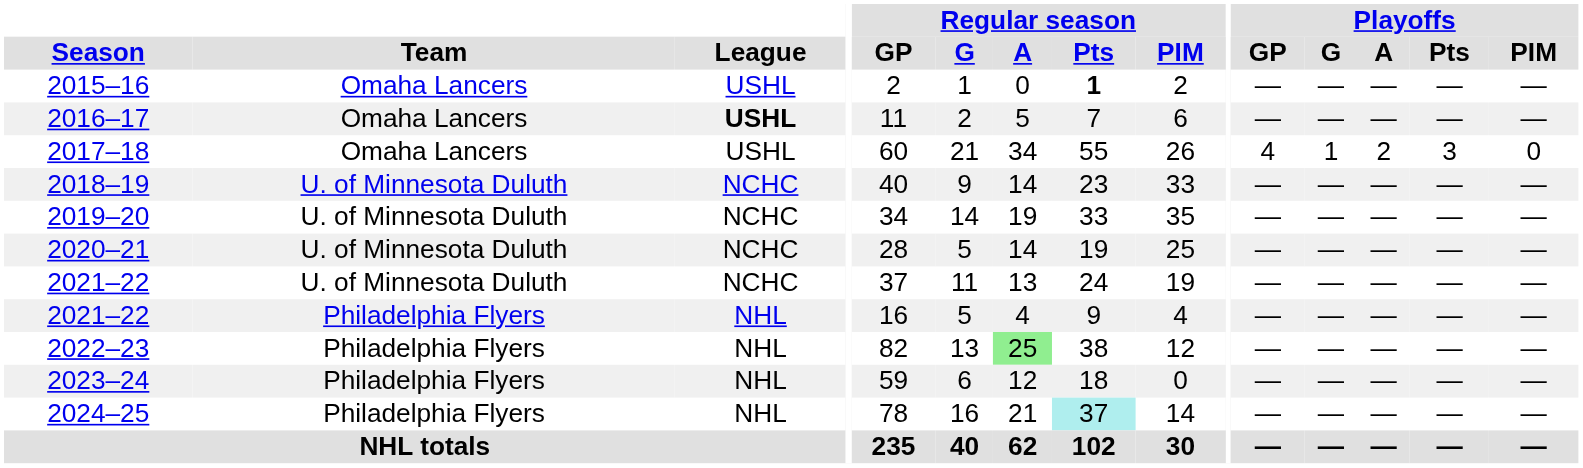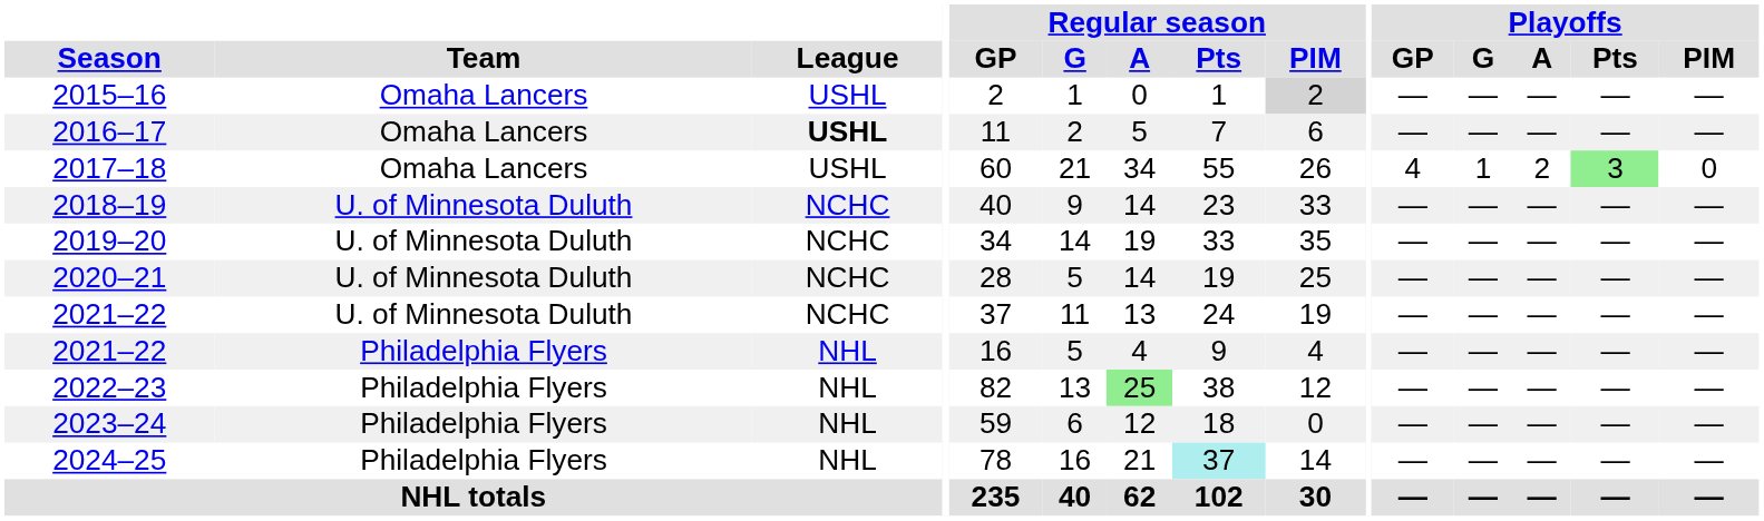 <table border="0" cellpadding="1" cellspacing="0" style="text-align:center; width:60em">
 <tr bgcolor="#e0e0e0">
 <th colspan="3" bgcolor="#ffffff"></th>
 <th rowspan="100" bgcolor="#ffffff"></th>
 <th colspan="5"><a href='#'>Regular season</a></th>
 <th rowspan="100" bgcolor="#ffffff"></th>
 <th colspan="5"><a href='#'>Playoffs</a></th>
 </tr>
 <tr bgcolor="#e0e0e0">
 <th><a href='#'>Season</a></th>
 <th>Team</th>
 <th>League</th>
 <th>GP</th>
 <th><a href='#'>G</a></th>
 <th><a href='#'>A</a></th>
 <th><a href='#'>Pts</a></th>
 <th><a href='#'>PIM</a></th>
 <th>GP</th>
 <th>G</th>
 <th>A</th>
 <th>Pts</th>
 <th>PIM</th>
 </tr>
 <tr>
 <td><a href='#'>2015–16</a></td>
 <td><a href='#'>Omaha Lancers</a></td>
 <td><a href='#'>USHL</a></td>
 <td>2</td>
 <td>1</td>
 <td>0</td>
-<td><strong>1</strong></td>
-<td>2</td>
+<td>1</td>
+<td style="background: lightgrey;">2</td>
 <td>—</td>
 <td>—</td>
 <td>—</td>
 <td>—</td>
 <td>—</td>
 </tr>
 <tr bgcolor="#f0f0f0">
 <td><a href='#'>2016–17</a></td>
 <td>Omaha Lancers</td>
 <td><strong>USHL</strong></td>
 <td>11</td>
 <td>2</td>
 <td>5</td>
 <td>7</td>
 <td>6</td>
 <td>—</td>
 <td>—</td>
 <td>—</td>
 <td>—</td>
 <td>—</td>
 </tr>
 <tr>
 <td><a href='#'>2017–18</a></td>
 <td>Omaha Lancers</td>
 <td>USHL</td>
 <td>60</td>
 <td>21</td>
 <td>34</td>
 <td>55</td>
 <td>26</td>
 <td>4</td>
 <td>1</td>
 <td>2</td>
-<td>3</td>
+<td style="background: lightgreen;">3</td>
 <td>0</td>
 </tr>
 <tr bgcolor="#f0f0f0">
 <td><a href='#'>2018–19</a></td>
 <td><a href='#'>U. of Minnesota Duluth</a></td>
 <td><a href='#'>NCHC</a></td>
 <td>40</td>
 <td>9</td>
 <td>14</td>
 <td>23</td>
 <td>33</td>
 <td>—</td>
 <td>—</td>
 <td>—</td>
 <td>—</td>
 <td>—</td>
 </tr>
 <tr>
 <td><a href='#'>2019–20</a></td>
 <td>U. of Minnesota Duluth</td>
 <td>NCHC</td>
 <td>34</td>
 <td>14</td>
 <td>19</td>
 <td>33</td>
 <td>35</td>
 <td>—</td>
 <td>—</td>
 <td>—</td>
 <td>—</td>
 <td>—</td>
 </tr>
 <tr bgcolor="#f0f0f0">
 <td><a href='#'>2020–21</a></td>
 <td>U. of Minnesota Duluth</td>
 <td>NCHC</td>
 <td>28</td>
 <td>5</td>
 <td>14</td>
 <td>19</td>
 <td>25</td>
 <td>—</td>
 <td>—</td>
 <td>—</td>
 <td>—</td>
 <td>—</td>
 </tr>
 <tr>
 <td><a href='#'>2021–22</a></td>
 <td>U. of Minnesota Duluth</td>
 <td>NCHC</td>
 <td>37</td>
 <td>11</td>
 <td>13</td>
 <td>24</td>
 <td>19</td>
 <td>—</td>
 <td>—</td>
 <td>—</td>
 <td>—</td>
 <td>—</td>
 </tr>
 <tr bgcolor="#f0f0f0">
 <td><a href='#'>2021–22</a></td>
 <td><a href='#'>Philadelphia Flyers</a></td>
 <td><a href='#'>NHL</a></td>
 <td>16</td>
 <td>5</td>
 <td>4</td>
 <td>9</td>
 <td>4</td>
 <td>—</td>
 <td>—</td>
 <td>—</td>
 <td>—</td>
 <td>—</td>
 </tr>
 <tr>
 <td><a href='#'>2022–23</a></td>
 <td>Philadelphia Flyers</td>
 <td>NHL</td>
 <td>82</td>
 <td>13</td>
 <td style="background: lightgreen;">25</td>
 <td>38</td>
 <td>12</td>
 <td>—</td>
 <td>—</td>
 <td>—</td>
 <td>—</td>
 <td>—</td>
 </tr>
 <tr bgcolor="#f0f0f0">
 <td><a href='#'>2023–24</a></td>
 <td>Philadelphia Flyers</td>
 <td>NHL</td>
 <td>59</td>
 <td>6</td>
 <td>12</td>
 <td>18</td>
 <td>0</td>
 <td>—</td>
 <td>—</td>
 <td>—</td>
 <td>—</td>
 <td>—</td>
 </tr>
 <tr>
 <td><a href='#'>2024–25</a></td>
 <td>Philadelphia Flyers</td>
 <td>NHL</td>
 <td>78</td>
 <td>16</td>
 <td>21</td>
 <td style="background: paleturquoise;">37</td>
 <td>14</td>
 <td>—</td>
 <td>—</td>
 <td>—</td>
 <td>—</td>
 <td>—</td>
 </tr>
 <tr bgcolor="#e0e0e0">
 <th colspan="3">NHL totals</th>
 <th>235</th>
 <th>40</th>
 <th>62</th>
 <th>102</th>
 <th>30</th>
 <th>—</th>
 <th>—</th>
 <th>—</th>
 <th>—</th>
 <th>—</th>
 </tr>
 </table>
